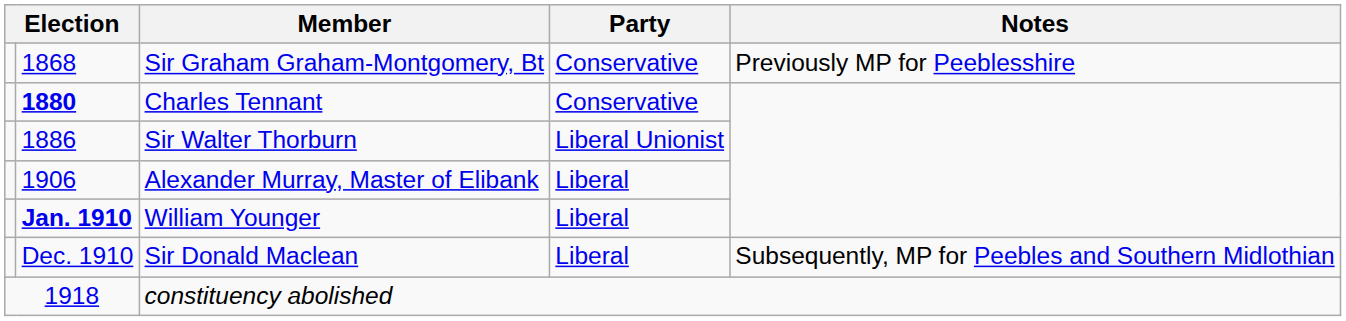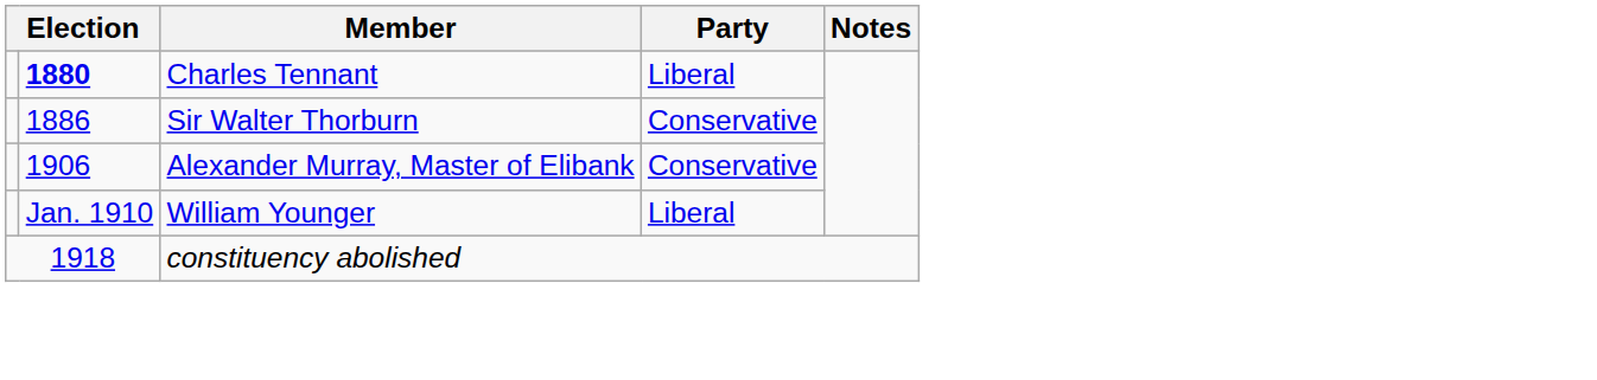 <table class="wikitable">
 <tr>
 <th colspan="2">Election</th>
 <th>Member</th>
 <th>Party</th>
 <th>Notes</th>
 </tr>
 <tr>
 <td style="color:inherit;background-color: "></td>
-<td><a href='#'>1868</a></td>
-<td><a href='#'>Sir Graham Graham-Montgomery, Bt</a></td>
-<td><a href='#'>Conservative</a></td>
-<td>Previously MP for <a href='#'>Peeblesshire</a></td>
-</tr>
-<tr>
-<td style="color:inherit;background-color: "></td>
 <td><strong><a href='#'>1880</a></strong></td>
 <td><a href='#'>Charles Tennant</a></td>
-<td><a href='#'>Conservative</a></td>
+<td><a href='#'>Liberal</a></td>
 </tr>
 <tr>
 <td style="color:inherit;background-color: "></td>
 <td><a href='#'>1886</a></td>
 <td><a href='#'>Sir Walter Thorburn</a></td>
-<td><a href='#'>Liberal Unionist</a></td>
+<td><a href='#'>Conservative</a></td>
 </tr>
 <tr>
 <td style="color:inherit;background-color: "></td>
 <td><a href='#'>1906</a></td>
 <td><a href='#'>Alexander Murray, Master of Elibank</a></td>
-<td><a href='#'>Liberal</a></td>
+<td><a href='#'>Conservative</a></td>
 </tr>
 <tr>
 <td style="color:inherit;background-color: "></td>
-<td><strong><a href='#'>Jan. 1910</a></strong></td>
+<td><a href='#'>Jan. 1910</a></td>
 <td><a href='#'>William Younger</a></td>
 <td><a href='#'>Liberal</a></td>
-</tr>
-<tr>
-<td style="color:inherit;background-color: "></td>
-<td><a href='#'>Dec. 1910</a></td>
-<td><a href='#'>Sir Donald Maclean</a></td>
-<td><a href='#'>Liberal</a></td>
-<td>Subsequently, MP for <a href='#'>Peebles and Southern Midlothian</a></td>
 </tr>
 <tr>
 <td colspan="2" align="center"><a href='#'>1918</a></td>
 <td colspan="3"><em>constituency abolished</em></td>
 </tr>
 </table>
